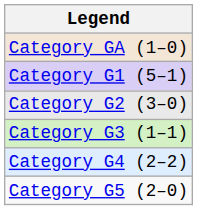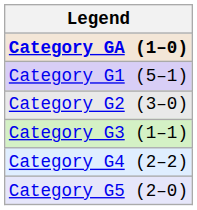 <table class="sortable wikitable">
 <tr>
 <th>Legend</th>
 </tr>
 <tr bgcolor="F3E6D7">
-<td><a href='#'>Category GA</a> (1–0)</td>
+<td><strong><a href='#'>Category GA</a> (1–0)</strong></td>
 </tr>
 <tr bgcolor="d8cef6">
 <td><a href='#'>Category G1</a> (5–1)</td>
 </tr>
 <tr bgcolor="e9e9e9">
 <td><a href='#'>Category G2</a> (3–0)</td>
 </tr>
 <tr bgcolor="D4F1C5">
 <td><a href='#'>Category G3</a> (1–1)</td>
 </tr>
 <tr bgcolor="dfeeff">
 <td><a href='#'>Category G4</a> (2–2)</td>
 </tr>
 <tr>
-<td><a href='#'>Category G5</a> (2–0)</td>
+<td style="background: lavender;"><a href='#'>Category G5</a> (2–0)</td>
 </tr>
 </table>
